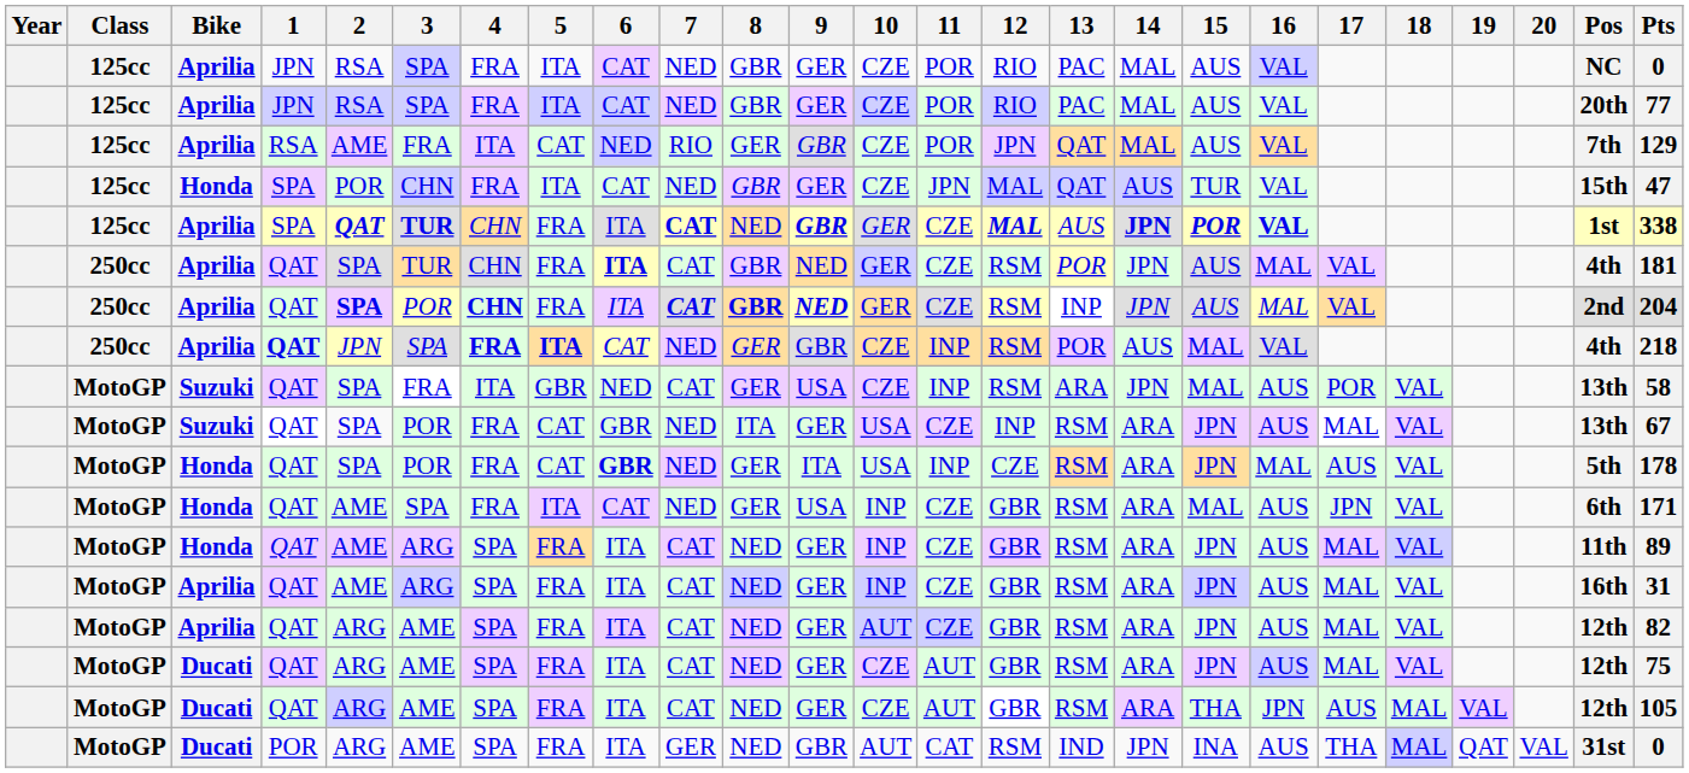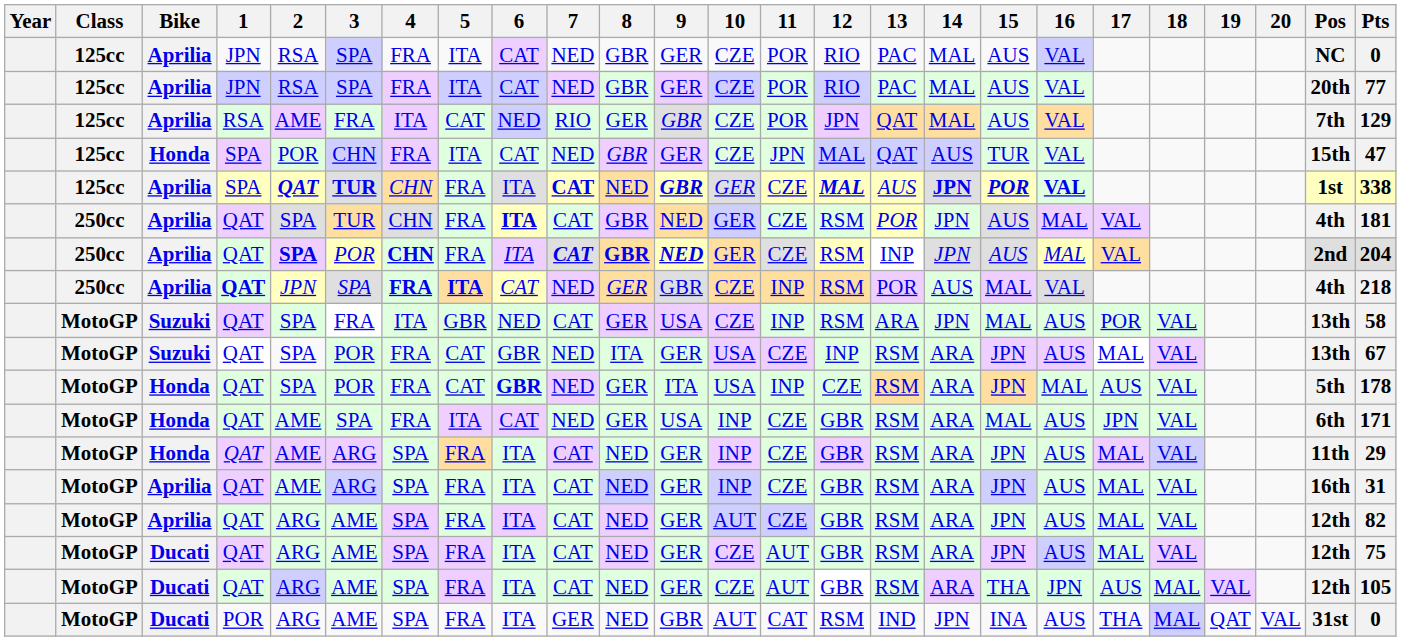 <table class="wikitable" style="text-align:center;">
 <tr>
 <th>Year</th>
 <th>Class</th>
 <th>Bike</th>
 <th>1</th>
 <th>2</th>
 <th>3</th>
 <th>4</th>
 <th>5</th>
 <th>6</th>
 <th>7</th>
 <th>8</th>
 <th>9</th>
 <th>10</th>
 <th>11</th>
 <th>12</th>
 <th>13</th>
 <th>14</th>
 <th>15</th>
 <th>16</th>
 <th>17</th>
 <th>18</th>
 <th>19</th>
 <th>20</th>
 <th>Pos</th>
 <th>Pts</th>
 </tr>
 <tr>
 <th></th>
 <th>125cc</th>
 <th><a href='#'>Aprilia</a></th>
 <td><a href='#'>JPN</a></td>
 <td><a href='#'>RSA</a></td>
 <td style="background:#CFCFFF;"><a href='#'>SPA</a><br></td>
 <td><a href='#'>FRA</a></td>
 <td><a href='#'>ITA</a></td>
 <td style="background:#EFCFFF;"><a href='#'>CAT</a><br></td>
 <td><a href='#'>NED</a></td>
 <td><a href='#'>GBR</a></td>
 <td><a href='#'>GER</a></td>
 <td><a href='#'>CZE</a></td>
 <td><a href='#'>POR</a></td>
 <td><a href='#'>RIO</a></td>
 <td><a href='#'>PAC</a></td>
 <td><a href='#'>MAL</a></td>
 <td><a href='#'>AUS</a></td>
 <td style="background:#CFCFFF;"><a href='#'>VAL</a><br></td>
 <td></td>
 <td></td>
 <td></td>
 <td></td>
 <th>NC</th>
 <th>0</th>
 </tr>
 <tr>
 <th></th>
 <th>125cc</th>
 <th><a href='#'>Aprilia</a></th>
 <td style="background:#cfcfff;"><a href='#'>JPN</a><br></td>
 <td style="background:#cfcfff;"><a href='#'>RSA</a><br></td>
 <td style="background:#cfcfff;"><a href='#'>SPA</a><br></td>
 <td style="background:#efcfff;"><a href='#'>FRA</a><br></td>
 <td style="background:#cfcfff;"><a href='#'>ITA</a><br></td>
 <td style="background:#cfcfff;"><a href='#'>CAT</a><br></td>
 <td style="background:#efcfff;"><a href='#'>NED</a><br></td>
 <td style="background:#dfffdf;"><a href='#'>GBR</a><br></td>
 <td style="background:#efcfff;"><a href='#'>GER</a><br></td>
 <td style="background:#cfcfff;"><a href='#'>CZE</a><br></td>
 <td style="background:#dfffdf;"><a href='#'>POR</a><br></td>
 <td style="background:#cfcfff;"><a href='#'>RIO</a><br></td>
 <td style="background:#dfffdf;"><a href='#'>PAC</a><br></td>
 <td style="background:#dfffdf;"><a href='#'>MAL</a><br></td>
 <td style="background:#dfffdf;"><a href='#'>AUS</a><br></td>
 <td style="background:#dfffdf;"><a href='#'>VAL</a><br></td>
 <td></td>
 <td></td>
 <td></td>
 <td></td>
 <th>20th</th>
 <th>77</th>
 </tr>
 <tr>
 <th></th>
 <th>125cc</th>
 <th><a href='#'>Aprilia</a></th>
 <td style="background:#dfffdf;"><a href='#'>RSA</a><br></td>
 <td style="background:#efcfff;"><a href='#'>AME</a><br></td>
 <td style="background:#dfffdf;"><a href='#'>FRA</a><br></td>
 <td style="background:#efcfff;"><a href='#'>ITA</a><br></td>
 <td style="background:#dfffdf;"><a href='#'>CAT</a><br></td>
 <td style="background:#cfcfff;"><a href='#'>NED</a><br></td>
 <td style="background:#dfffdf;"><a href='#'>RIO</a><br></td>
 <td style="background:#dfffdf;"><a href='#'>GER</a><br></td>
 <td style="background:#dfdfdf;"><em><a href='#'>GBR</a></em><br></td>
 <td style="background:#dfffdf;"><a href='#'>CZE</a><br></td>
 <td style="background:#dfffdf;"><a href='#'>POR</a><br></td>
 <td style="background:#efcfff;"><a href='#'>JPN</a><br></td>
 <td style="background:#ffdf9f;"><a href='#'>QAT</a><br></td>
 <td style="background:#ffdf9f;"><a href='#'>MAL</a><br></td>
 <td style="background:#dfffdf;"><a href='#'>AUS</a><br></td>
 <td style="background:#ffdf9f;"><a href='#'>VAL</a><br></td>
 <td></td>
 <td></td>
 <td></td>
 <td></td>
 <th>7th</th>
 <th>129</th>
 </tr>
 <tr>
 <th></th>
 <th>125cc</th>
 <th><a href='#'>Honda</a></th>
 <td style="background:#efcfff;"><a href='#'>SPA</a><br></td>
 <td style="background:#dfffdf;"><a href='#'>POR</a><br></td>
 <td style="background:#cfcfff;"><a href='#'>CHN</a><br></td>
 <td style="background:#efcfff;"><a href='#'>FRA</a><br></td>
 <td style="background:#dfffdf;"><a href='#'>ITA</a><br></td>
 <td style="background:#dfffdf;"><a href='#'>CAT</a><br></td>
 <td style="background:#dfffdf;"><a href='#'>NED</a><br></td>
 <td style="background:#efcfff;"><em><a href='#'>GBR</a></em><br></td>
 <td style="background:#efcfff;"><a href='#'>GER</a><br></td>
 <td style="background:#dfffdf;"><a href='#'>CZE</a><br></td>
 <td style="background:#dfffdf;"><a href='#'>JPN</a><br></td>
 <td style="background:#cfcfff;"><a href='#'>MAL</a><br></td>
 <td style="background:#cfcfff;"><a href='#'>QAT</a><br></td>
 <td style="background:#cfcfff;"><a href='#'>AUS</a><br></td>
 <td style="background:#dfffdf;"><a href='#'>TUR</a><br></td>
 <td style="background:#dfffdf;"><a href='#'>VAL</a><br></td>
 <td></td>
 <td></td>
 <td></td>
 <td></td>
 <th>15th</th>
 <th>47</th>
 </tr>
 <tr>
 <th></th>
 <th>125cc</th>
 <th><a href='#'>Aprilia</a></th>
 <td style="background:#ffffbf;"><a href='#'>SPA</a><br></td>
 <td style="background:#ffffbf;"><strong><em><a href='#'>QAT</a></em></strong><br></td>
 <td style="background:#dfdfdf;"><strong><a href='#'>TUR</a></strong><br></td>
 <td style="background:#ffdf9f;"><em><a href='#'>CHN</a></em><br></td>
 <td style="background:#dfffdf;"><a href='#'>FRA</a><br></td>
 <td style="background:#dfdfdf;"><a href='#'>ITA</a><br></td>
 <td style="background:#ffffbf;"><strong><a href='#'>CAT</a></strong><br></td>
 <td style="background:#ffdf9f;"><a href='#'>NED</a><br></td>
 <td style="background:#ffffbf;"><strong><em><a href='#'>GBR</a></em></strong><br></td>
 <td style="background:#dfdfdf;"><em><a href='#'>GER</a></em><br></td>
 <td style="background:#ffffbf;"><a href='#'>CZE</a><br></td>
 <td style="background:#ffffbf;"><strong><em><a href='#'>MAL</a></em></strong><br></td>
 <td style="background:#ffffbf;"><em><a href='#'>AUS</a></em><br></td>
 <td style="background:#dfdfdf;"><strong><a href='#'>JPN</a></strong><br></td>
 <td style="background:#ffffbf;"><strong><em><a href='#'>POR</a></em></strong><br></td>
 <td style="background:#dfffdf;"><strong><a href='#'>VAL</a></strong><br></td>
 <td></td>
 <td></td>
 <td></td>
 <td></td>
 <th style="background:#ffffbf;">1st</th>
 <th style="background:#ffffbf;">338</th>
 </tr>
 <tr>
 <th></th>
 <th>250cc</th>
 <th><a href='#'>Aprilia</a></th>
 <td style="background:#efcfff;"><a href='#'>QAT</a><br></td>
 <td style="background:#dfdfdf;"><a href='#'>SPA</a><br></td>
 <td style="background:#ffdf9f;"><a href='#'>TUR</a><br></td>
 <td style="background:#dfdfdf;"><a href='#'>CHN</a><br></td>
 <td style="background:#dfffdf;"><a href='#'>FRA</a><br></td>
 <td style="background:#ffffbf;"><strong><a href='#'>ITA</a></strong><br></td>
 <td style="background:#dfffdf;"><a href='#'>CAT</a><br></td>
 <td style="background:#efcfff;"><a href='#'>GBR</a><br></td>
 <td style="background:#ffdf9f;"><a href='#'>NED</a><br></td>
 <td style="background:#cfcfff;"><a href='#'>GER</a><br></td>
 <td style="background:#dfffdf;"><a href='#'>CZE</a><br></td>
 <td style="background:#dfffdf;"><a href='#'>RSM</a><br></td>
 <td style="background:#ffffbf;"><em><a href='#'>POR</a></em><br></td>
 <td style="background:#dfffdf;"><a href='#'>JPN</a><br></td>
 <td style="background:#dfdfdf;"><a href='#'>AUS</a><br></td>
 <td style="background:#efcfff;"><a href='#'>MAL</a><br></td>
 <td style="background:#efcfff;"><a href='#'>VAL</a><br></td>
 <td></td>
 <td></td>
 <td></td>
 <th>4th</th>
 <th>181</th>
 </tr>
 <tr>
 <th></th>
 <th>250cc</th>
 <th><a href='#'>Aprilia</a></th>
 <td style="background:#dfffdf;"><a href='#'>QAT</a><br></td>
 <td style="background:#efcfff;"><strong><a href='#'>SPA</a></strong><br></td>
 <td style="background:#ffffbf;"><em><a href='#'>POR</a></em><br></td>
 <td style="background:#dfffdf;"><strong><a href='#'>CHN</a></strong><br></td>
 <td style="background:#dfffdf;"><a href='#'>FRA</a><br></td>
 <td style="background:#efcfff;"><em><a href='#'>ITA</a></em><br></td>
 <td style="background:#dfdfdf;"><strong><em><a href='#'>CAT</a></em></strong><br></td>
 <td style="background:#ffdf9f;"><strong><a href='#'>GBR</a></strong><br></td>
 <td style="background:#ffffbf;"><strong><em><a href='#'>NED</a></em></strong><br></td>
 <td style="background:#ffdf9f;"><a href='#'>GER</a><br></td>
 <td style="background:#dfdfdf;"><a href='#'>CZE</a><br></td>
 <td style="background:#ffffbf;"><a href='#'>RSM</a><br></td>
 <td style="background:#ffffff;"><a href='#'>INP</a><br></td>
 <td style="background:#dfdfdf;"><em><a href='#'>JPN</a></em><br></td>
 <td style="background:#dfdfdf;"><em><a href='#'>AUS</a></em><br></td>
 <td style="background:#ffffbf;"><em><a href='#'>MAL</a></em><br></td>
 <td style="background:#ffdf9f;"><a href='#'>VAL</a><br></td>
 <td></td>
 <td></td>
 <td></td>
 <th style="background:#dfdfdf;">2nd</th>
 <th style="background:#dfdfdf;">204</th>
 </tr>
 <tr>
 <th></th>
 <th>250cc</th>
 <th><a href='#'>Aprilia</a></th>
 <td style="background:#dfffdf;"><strong><a href='#'>QAT</a></strong><br></td>
 <td style="background:#ffffbf;"><em><a href='#'>JPN</a></em><br></td>
 <td style="background:#dfdfdf;"><em><a href='#'>SPA</a></em><br></td>
 <td style="background:#dfffdf;"><strong><a href='#'>FRA</a></strong><br></td>
 <td style="background:#ffdf9f;"><strong><a href='#'>ITA</a></strong><br></td>
 <td style="background:#ffffbf;"><em><a href='#'>CAT</a></em><br></td>
 <td style="background:#efcfff;"><a href='#'>NED</a><br></td>
 <td style="background:#ffdf9f;"><em><a href='#'>GER</a></em><br></td>
 <td style="background:#dfdfdf;"><a href='#'>GBR</a><br></td>
 <td style="background:#ffdf9f;"><a href='#'>CZE</a><br></td>
 <td style="background:#ffdf9f;"><a href='#'>INP</a><br></td>
 <td style="background:#ffdf9f;"><a href='#'>RSM</a><br></td>
 <td style="background:#efcfff;"><a href='#'>POR</a><br></td>
 <td style="background:#dfffdf;"><a href='#'>AUS</a><br></td>
 <td style="background:#efcfff;"><a href='#'>MAL</a><br></td>
 <td style="background:#dfdfdf;"><a href='#'>VAL</a><br></td>
 <td></td>
 <td></td>
 <td></td>
 <td></td>
 <th>4th</th>
 <th>218</th>
 </tr>
 <tr>
 <th></th>
 <th>MotoGP</th>
 <th><a href='#'>Suzuki</a></th>
 <td style="background:#efcfff;"><a href='#'>QAT</a><br></td>
 <td style="background:#dfffdf;"><a href='#'>SPA</a><br></td>
 <td style="background:#ffffff;"><a href='#'>FRA</a><br></td>
 <td style="background:#dfffdf;"><a href='#'>ITA</a><br></td>
 <td style="background:#dfffdf;"><a href='#'>GBR</a><br></td>
 <td style="background:#dfffdf;"><a href='#'>NED</a><br></td>
 <td style="background:#dfffdf;"><a href='#'>CAT</a><br></td>
 <td style="background:#efcfff;"><a href='#'>GER</a><br></td>
 <td style="background:#efcfff;"><a href='#'>USA</a><br></td>
 <td style="background:#efcfff;"><a href='#'>CZE</a><br></td>
 <td style="background:#dfffdf;"><a href='#'>INP</a><br></td>
 <td style="background:#dfffdf;"><a href='#'>RSM</a><br></td>
 <td style="background:#dfffdf;"><a href='#'>ARA</a><br></td>
 <td style="background:#dfffdf;"><a href='#'>JPN</a><br></td>
 <td style="background:#dfffdf;"><a href='#'>MAL</a><br></td>
 <td style="background:#dfffdf;"><a href='#'>AUS</a><br></td>
 <td style="background:#dfffdf;"><a href='#'>POR</a><br></td>
 <td style="background:#dfffdf;"><a href='#'>VAL</a><br></td>
 <td></td>
 <td></td>
 <th>13th</th>
 <th>58</th>
 </tr>
 <tr>
 <th></th>
 <th>MotoGP</th>
 <th><a href='#'>Suzuki</a></th>
 <td style="background:#ffffff;"><a href='#'>QAT</a><br></td>
 <td><a href='#'>SPA</a></td>
 <td style="background:#dfffdf;"><a href='#'>POR</a><br></td>
 <td style="background:#dfffdf;"><a href='#'>FRA</a><br></td>
 <td style="background:#dfffdf;"><a href='#'>CAT</a><br></td>
 <td style="background:#dfffdf;"><a href='#'>GBR</a><br></td>
 <td style="background:#dfffdf;"><a href='#'>NED</a><br></td>
 <td style="background:#dfffdf;"><a href='#'>ITA</a><br></td>
 <td style="background:#dfffdf;"><a href='#'>GER</a><br></td>
 <td style="background:#efcfff;"><a href='#'>USA</a><br></td>
 <td style="background:#efcfff;"><a href='#'>CZE</a><br></td>
 <td style="background:#dfffdf;"><a href='#'>INP</a><br></td>
 <td style="background:#dfffdf;"><a href='#'>RSM</a><br></td>
 <td style="background:#dfffdf;"><a href='#'>ARA</a><br></td>
 <td style="background:#efcfff;"><a href='#'>JPN</a><br></td>
 <td style="background:#efcfff;"><a href='#'>AUS</a><br></td>
 <td style="background:#FFFFFF;"><a href='#'>MAL</a><br></td>
 <td style="background:#efcfff;"><a href='#'>VAL</a><br></td>
 <td></td>
 <td></td>
 <th>13th</th>
 <th>67</th>
 </tr>
 <tr>
 <th></th>
 <th>MotoGP</th>
 <th><a href='#'>Honda</a></th>
 <td style="background:#DFFFDF;"><a href='#'>QAT</a><br></td>
 <td style="background:#DFFFDF;"><a href='#'>SPA</a><br></td>
 <td style="background:#DFFFDF;"><a href='#'>POR</a><br></td>
 <td style="background:#DFFFDF;"><a href='#'>FRA</a><br></td>
 <td style="background:#DFFFDF;"><a href='#'>CAT</a><br></td>
 <td style="background:#DFFFDF;"><strong><a href='#'>GBR</a></strong><br></td>
 <td style="background:#EFCFFF;"><a href='#'>NED</a><br></td>
 <td style="background:#DFFFDF;"><a href='#'>GER</a><br></td>
 <td style="background:#DFFFDF;"><a href='#'>ITA</a><br></td>
 <td style="background:#DFFFDF;"><a href='#'>USA</a><br></td>
 <td style="background:#DFFFDF;"><a href='#'>INP</a><br></td>
 <td style="background:#DFFFDF;"><a href='#'>CZE</a><br></td>
 <td style="background:#FFDF9F;"><a href='#'>RSM</a><br></td>
 <td style="background:#DFFFDF;"><a href='#'>ARA</a><br></td>
 <td style="background:#FFDF9F;"><a href='#'>JPN</a><br></td>
 <td style="background:#DFFFDF;"><a href='#'>MAL</a><br></td>
 <td style="background:#DFFFDF;"><a href='#'>AUS</a><br></td>
 <td style="background:#DFFFDF;"><a href='#'>VAL</a><br></td>
 <td></td>
 <td></td>
 <th>5th</th>
 <th>178</th>
 </tr>
 <tr>
 <th></th>
 <th>MotoGP</th>
 <th><a href='#'>Honda</a></th>
 <td style="background:#DFFFDF;"><a href='#'>QAT</a><br></td>
 <td style="background:#DFFFDF;"><a href='#'>AME</a><br></td>
 <td style="background:#DFFFDF;"><a href='#'>SPA</a><br></td>
 <td style="background:#DFFFDF;"><a href='#'>FRA</a><br></td>
 <td style="background:#efcfff;"><a href='#'>ITA</a><br></td>
 <td style="background:#efcfff;"><a href='#'>CAT</a><br></td>
 <td style="background:#DFFFDF;"><a href='#'>NED</a><br></td>
 <td style="background:#dfffdf;"><a href='#'>GER</a><br></td>
 <td style="background:#dfffdf;"><a href='#'>USA</a><br></td>
 <td style="background:#dfffdf;"><a href='#'>INP</a><br></td>
 <td style="background:#dfffdf;"><a href='#'>CZE</a><br></td>
 <td style="background:#DFFFDF;"><a href='#'>GBR</a><br></td>
 <td style="background:#DFFFDF;"><a href='#'>RSM</a><br></td>
 <td style="background:#DFFFDF;"><a href='#'>ARA</a><br></td>
 <td style="background:#DFFFDF;"><a href='#'>MAL</a><br></td>
 <td style="background:#DFFFDF;"><a href='#'>AUS</a><br></td>
 <td style="background:#dfffdf;"><a href='#'>JPN</a><br></td>
 <td style="background:#dfffdf;"><a href='#'>VAL</a><br></td>
 <td></td>
 <td></td>
 <th>6th</th>
 <th>171</th>
 </tr>
 <tr>
 <th></th>
 <th>MotoGP</th>
 <th><a href='#'>Honda</a></th>
 <td style="background:#efcfff;"><em><a href='#'>QAT</a></em><br></td>
 <td style="background:#efcfff;"><a href='#'>AME</a><br></td>
 <td style="background:#efcfff;"><a href='#'>ARG</a><br></td>
 <td style="background:#DFFFDF;"><a href='#'>SPA</a><br></td>
 <td style="background:#ffdf9f;"><a href='#'>FRA</a><br></td>
 <td style="background:#DFFFDF;"><a href='#'>ITA</a><br></td>
 <td style="background:#efcfff;"><a href='#'>CAT</a><br></td>
 <td style="background:#DFFFDF;"><a href='#'>NED</a><br></td>
 <td style="background:#DFFFDF;"><a href='#'>GER</a><br></td>
 <td style="background:#efcfff;"><a href='#'>INP</a><br></td>
 <td style="background:#DFFFDF;"><a href='#'>CZE</a><br></td>
 <td style="background:#efcfff;"><a href='#'>GBR</a><br></td>
 <td style="background:#DFFFDF;"><a href='#'>RSM</a><br></td>
 <td style="background:#DFFFDF;"><a href='#'>ARA</a><br></td>
 <td style="background:#dfffdf;"><a href='#'>JPN</a><br></td>
 <td style="background:#dfffdf;"><a href='#'>AUS</a><br></td>
 <td style="background:#efcfff;"><a href='#'>MAL</a><br></td>
 <td style="background:#cfcfff;"><a href='#'>VAL</a><br></td>
 <td></td>
 <td></td>
 <th>11th</th>
-<th>89</th>
+<th>29</th>
 </tr>
 <tr>
 <th></th>
 <th>MotoGP</th>
 <th><a href='#'>Aprilia</a></th>
 <td style="background:#efcfff;"><a href='#'>QAT</a><br></td>
 <td style="background:#dfffdf;"><a href='#'>AME</a><br></td>
 <td style="background:#cfcfff;"><a href='#'>ARG</a><br></td>
 <td style="background:#dfffdf;"><a href='#'>SPA</a><br></td>
 <td style="background:#dfffdf;"><a href='#'>FRA</a><br></td>
 <td style="background:#dfffdf;"><a href='#'>ITA</a><br></td>
 <td style="background:#dfffdf;"><a href='#'>CAT</a><br></td>
 <td style="background:#cfcfff;"><a href='#'>NED</a><br></td>
 <td style="background:#dfffdf;"><a href='#'>GER</a><br></td>
 <td style="background:#cfcfff;"><a href='#'>INP</a><br></td>
 <td style="background:#dfffdf;"><a href='#'>CZE</a><br></td>
 <td style="background:#dfffdf;"><a href='#'>GBR</a><br></td>
 <td style="background:#dfffdf;"><a href='#'>RSM</a><br></td>
 <td style="background:#dfffdf;"><a href='#'>ARA</a><br></td>
 <td style="background:#cfcfff;"><a href='#'>JPN</a><br></td>
 <td style="background:#dfffdf;"><a href='#'>AUS</a><br></td>
 <td style="background:#dfffdf;"><a href='#'>MAL</a><br></td>
 <td style="background:#dfffdf;"><a href='#'>VAL</a><br></td>
 <td></td>
 <td></td>
 <th>16th</th>
 <th>31</th>
 </tr>
 <tr>
 <th></th>
 <th>MotoGP</th>
 <th><a href='#'>Aprilia</a></th>
 <td style="background:#dfffdf;"><a href='#'>QAT</a><br></td>
 <td style="background:#dfffdf;"><a href='#'>ARG</a><br></td>
 <td style="background:#dfffdf;"><a href='#'>AME</a><br></td>
 <td style="background:#efcfff;"><a href='#'>SPA</a><br></td>
 <td style="background:#dfffdf;"><a href='#'>FRA</a><br></td>
 <td style="background:#efcfff;"><a href='#'>ITA</a><br></td>
 <td style="background:#dfffdf;"><a href='#'>CAT</a><br></td>
 <td style="background:#efcfff;"><a href='#'>NED</a><br></td>
 <td style="background:#dfffdf;"><a href='#'>GER</a><br></td>
 <td style="background:#cfcfff;"><a href='#'>AUT</a><br></td>
 <td style="background:#cfcfff;"><a href='#'>CZE</a><br></td>
 <td style="background:#dfffdf;"><a href='#'>GBR</a><br></td>
 <td style="background:#dfffdf;"><a href='#'>RSM</a><br></td>
 <td style="background:#dfffdf;"><a href='#'>ARA</a><br></td>
 <td style="background:#dfffdf;"><a href='#'>JPN</a><br></td>
 <td style="background:#dfffdf;"><a href='#'>AUS</a><br></td>
 <td style="background:#dfffdf;"><a href='#'>MAL</a><br></td>
 <td style="background:#dfffdf;"><a href='#'>VAL</a><br></td>
 <td></td>
 <td></td>
 <th>12th</th>
 <th>82</th>
 </tr>
 <tr>
 <th></th>
 <th>MotoGP</th>
 <th><a href='#'>Ducati</a></th>
 <td style="background:#efcfff;"><a href='#'>QAT</a><br></td>
 <td style="background:#dfffdf;"><a href='#'>ARG</a><br></td>
 <td style="background:#dfffdf;"><a href='#'>AME</a><br></td>
 <td style="background:#efcfff;"><a href='#'>SPA</a><br></td>
 <td style="background:#efcfff;"><a href='#'>FRA</a><br></td>
 <td style="background:#dfffdf;"><a href='#'>ITA</a><br></td>
 <td style="background:#dfffdf;"><a href='#'>CAT</a><br></td>
 <td style="background:#efcfff;"><a href='#'>NED</a><br></td>
 <td style="background:#dfffdf;"><a href='#'>GER</a><br></td>
 <td style="background:#efcfff;"><a href='#'>CZE</a><br></td>
 <td style="background:#dfffdf;"><a href='#'>AUT</a><br></td>
 <td style="background:#dfffdf;"><a href='#'>GBR</a><br></td>
 <td style="background:#dfffdf;"><a href='#'>RSM</a><br></td>
 <td style="background:#dfffdf;"><a href='#'>ARA</a><br></td>
 <td style="background:#efcfff;"><a href='#'>JPN</a><br></td>
 <td style="background:#cfcfff;"><a href='#'>AUS</a><br></td>
 <td style="background:#dfffdf;"><a href='#'>MAL</a><br></td>
 <td style="background:#efcfff;"><a href='#'>VAL</a><br></td>
 <td></td>
 <td></td>
 <th>12th</th>
 <th>75</th>
 </tr>
 <tr>
 <th></th>
 <th>MotoGP</th>
 <th><a href='#'>Ducati</a></th>
 <td style="background:#dfffdf;"><a href='#'>QAT</a><br></td>
 <td style="background:#cfcfff;"><a href='#'>ARG</a><br></td>
 <td style="background:#dfffdf;"><a href='#'>AME</a><br></td>
 <td style="background:#dfffdf;"><a href='#'>SPA</a><br></td>
 <td style="background:#efcfff;"><a href='#'>FRA</a><br></td>
 <td style="background:#dfffdf;"><a href='#'>ITA</a><br></td>
 <td style="background:#dfffdf;"><a href='#'>CAT</a><br></td>
 <td style="background:#dfffdf;"><a href='#'>NED</a><br></td>
 <td style="background:#dfffdf;"><a href='#'>GER</a><br></td>
 <td style="background:#dfffdf;"><a href='#'>CZE</a><br></td>
 <td style="background:#dfffdf;"><a href='#'>AUT</a><br></td>
 <td style="background:#ffffff;"><a href='#'>GBR</a><br></td>
 <td style="background:#dfffdf;"><a href='#'>RSM</a><br></td>
 <td style="background:#efcfff;"><a href='#'>ARA</a><br></td>
 <td style="background:#dfffdf;"><a href='#'>THA</a><br></td>
 <td style="background:#dfffdf;"><a href='#'>JPN</a><br></td>
 <td style="background:#dfffdf;"><a href='#'>AUS</a><br></td>
 <td style="background:#dfffdf;"><a href='#'>MAL</a><br></td>
 <td style="background:#efcfff;"><a href='#'>VAL</a><br></td>
 <td></td>
 <th>12th</th>
 <th>105</th>
 </tr>
 <tr>
 <th></th>
 <th>MotoGP</th>
 <th><a href='#'>Ducati</a></th>
 <td><a href='#'>POR</a></td>
 <td><a href='#'>ARG</a></td>
 <td><a href='#'>AME</a></td>
 <td><a href='#'>SPA</a></td>
 <td><a href='#'>FRA</a></td>
 <td><a href='#'>ITA</a></td>
 <td><a href='#'>GER</a></td>
 <td><a href='#'>NED</a></td>
 <td><a href='#'>GBR</a></td>
 <td><a href='#'>AUT</a></td>
 <td><a href='#'>CAT</a></td>
 <td><a href='#'>RSM</a></td>
 <td><a href='#'>IND</a></td>
 <td><a href='#'>JPN</a></td>
 <td><a href='#'>INA</a></td>
 <td><a href='#'>AUS</a></td>
 <td><a href='#'>THA</a></td>
 <td style="background:#CFCFFF;"><a href='#'>MAL</a><br></td>
 <td><a href='#'>QAT</a></td>
 <td><a href='#'>VAL</a></td>
 <th>31st</th>
 <th>0</th>
 </tr>
 </table>
